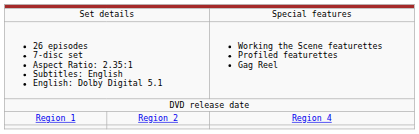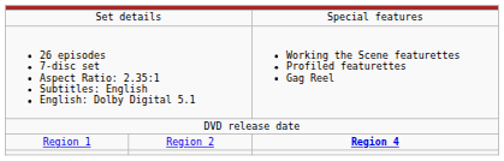 <table class="wikitable" style="font-size: 95%;">
 <tr style="background:#A52A2A">
 <td colspan="4" style="text-align:center;"></td>
 </tr>
 <tr style="text-align:center;">
 <td style="width:300px;" colspan="2">Set details</td>
 <td style="width:300px;" colspan="2">Special features</td>
 </tr>
 <tr valign="top">
 <td colspan="2"  style="text-align:left; width:300px;"><br><ul><li>26 episodes</li><li>7-disc set</li><li>Aspect Ratio: 2.35:1</li><li>Subtitles: English</li><li>English: Dolby Digital 5.1</li></ul></td>
 <td colspan="3" style="text-align:left; width:300px;"><br><ul><li>Working the Scene featurettes</li><li>Profiled featurettes</li><li>Gag Reel</li></ul></td>
 </tr>
 <tr>
 <td colspan="3" style="text-align:center;">DVD release date</td>
 </tr>
 <tr style="text-align:center;">
 <td><a href='#'>Region 1</a></td>
 <td><a href='#'>Region 2</a></td>
-<td><a href='#'>Region 4</a></td>
+<td><strong><a href='#'>Region 4</a></strong></td>
 </tr>
 <tr style="text-align:center;">
 <td></td>
 <td></td>
 <td></td>
 </tr>
 </table>
